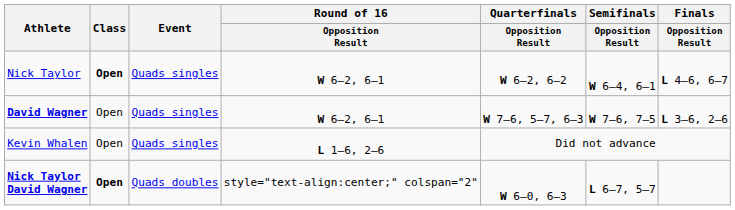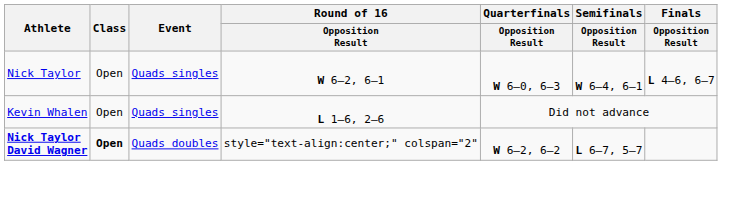 <table class=wikitable style="font-size:90%">
 <tr>
 <th rowspan="2">Athlete</th>
 <th rowspan="2">Class</th>
 <th rowspan="2">Event</th>
 <th>Round of 16</th>
 <th>Quarterfinals</th>
 <th>Semifinals</th>
 <th>Finals</th>
 </tr>
 <tr>
 <th style="line-height:1em"><small>Opposition<br>Result</small></th>
 <th style="line-height:1em"><small>Opposition<br>Result</small></th>
 <th style="line-height:1em"><small>Opposition<br>Result</small></th>
 <th style="line-height:1em"><small>Opposition<br>Result</small></th>
 </tr>
 <tr>
 <td><a href='#'>Nick Taylor</a></td>
-<td style="text-align:center;"><strong>Open</strong></td>
-<td><a href='#'>Quads singles</a></td>
-<td style="text-align:center;"><br><strong>W</strong> 6–2, 6–1</td>
-<td style="text-align:center;"><br><strong>W</strong> 6–2, 6–2</td>
-<td style="text-align:center;"><br> <br><strong>W</strong> 6–4, 6–1 </td>
-<td style="text-align:center;"><br><strong>L</strong> 4–6, 6–7</td>
-</tr>
-<tr>
-<td><strong><a href='#'>David Wagner</a></strong></td>
 <td style="text-align:center;">Open</td>
 <td><a href='#'>Quads singles</a></td>
 <td style="text-align:center;"><br><strong>W</strong> 6–2, 6–1</td>
-<td style="text-align:center;"><br><strong>W</strong> 7–6, 5–7, 6–3</td>
-<td style="text-align:center;"><br><strong>W</strong> 7–6, 7–5</td>
-<td style="text-align:center;"><br><strong>L</strong> 3–6, 2–6 </td>
+<td style="text-align:center;"><br> <br><strong>W</strong> 6–0, 6–3</td>
+<td style="text-align:center;"><br> <br><strong>W</strong> 6–4, 6–1 </td>
+<td style="text-align:center;"><br><strong>L</strong> 4–6, 6–7</td>
 </tr>
 <tr>
 <td><a href='#'>Kevin Whalen</a></td>
 <td style="text-align:center;">Open</td>
 <td><a href='#'>Quads singles</a></td>
 <td style="text-align:center;"><br><strong>L</strong> 1–6, 2–6</td>
 <td style="text-align:center;" colspan="3">Did not advance</td>
 </tr>
 <tr>
 <td><strong><a href='#'>Nick Taylor</a></strong><br> <strong><a href='#'>David Wagner</a></strong></td>
 <td style="text-align:center;"><strong>Open</strong></td>
 <td><a href='#'>Quads doubles</a></td>
 <td>style="text-align:center;" colspan="2" </td>
-<td style="text-align:center;"><br> <br><strong>W</strong> 6–0, 6–3</td>
+<td style="text-align:center;"><br><strong>W</strong> 6–2, 6–2</td>
 <td style="text-align:center;"><br><strong>L</strong> 6–7, 5–7</td>
 </tr>
 </table>
